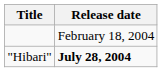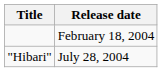 <table class="wikitable">
 <tr>
 <th>Title</th>
 <th>Release date</th>
 </tr>
 <tr>
 <td></td>
 <td>February 18, 2004</td>
 </tr>
 <tr>
 <td>"Hibari"</td>
-<td><strong>July 28, 2004</strong></td>
+<td>July 28, 2004</td>
 </tr>
 </table>
